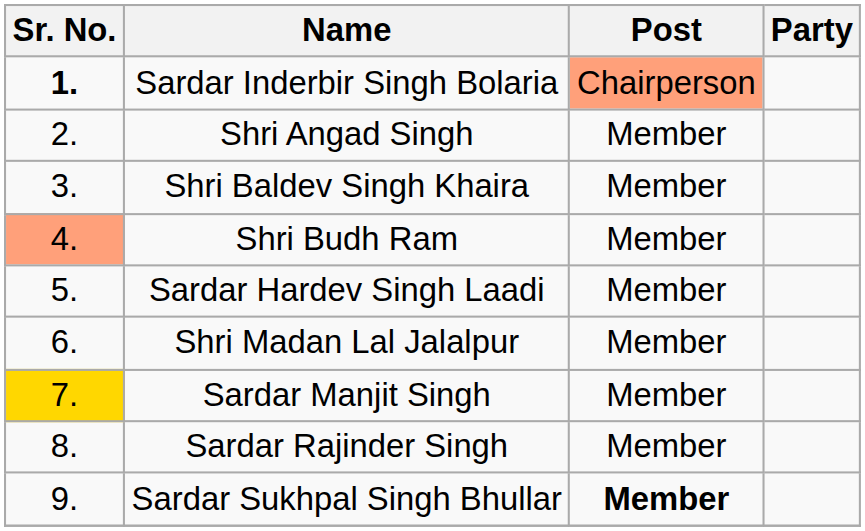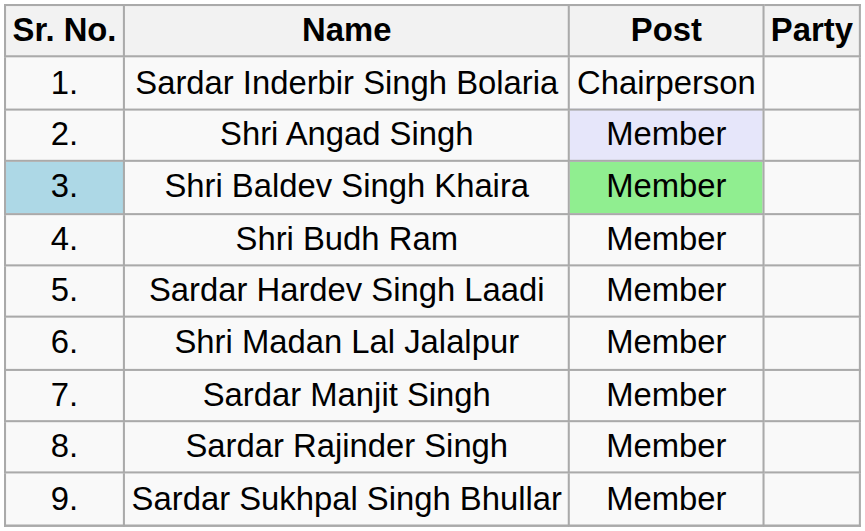 <table class="wikitable sortable">
 <tr>
 <th>Sr. No.</th>
 <th>Name</th>
 <th>Post</th>
 <th colspan="2">Party</th>
 </tr>
 <tr align="center">
-<td><strong>1.</strong></td>
+<td>1.</td>
 <td>Sardar Inderbir Singh Bolaria</td>
-<td style="background: lightsalmon;">Chairperson</td>
+<td>Chairperson</td>
 <td></td>
 </tr>
 <tr align="center">
 <td>2.</td>
 <td>Shri  Angad Singh</td>
-<td>Member</td>
+<td style="background: lavender;">Member</td>
 <td></td>
 </tr>
 <tr align="center">
-<td>3.</td>
+<td style="background: lightblue;">3.</td>
 <td>Shri Baldev Singh Khaira</td>
-<td>Member</td>
+<td style="background: lightgreen;">Member</td>
 <td></td>
 </tr>
 <tr align="center">
-<td style="background: lightsalmon;">4.</td>
+<td>4.</td>
 <td>Shri Budh Ram</td>
 <td>Member</td>
 <td></td>
 </tr>
 <tr align="center">
 <td>5.</td>
 <td>Sardar  Hardev Singh Laadi</td>
 <td>Member</td>
 <td></td>
 </tr>
 <tr align="center">
 <td>6.</td>
 <td>Shri Madan Lal Jalalpur</td>
 <td>Member</td>
 <td></td>
 </tr>
 <tr align="center">
-<td style="background: gold;">7.</td>
+<td>7.</td>
 <td>Sardar Manjit Singh</td>
 <td>Member</td>
 <td></td>
 </tr>
 <tr align="center">
 <td>8.</td>
 <td>Sardar Rajinder Singh</td>
 <td>Member</td>
 <td></td>
 </tr>
 <tr align="center">
 <td>9.</td>
 <td>Sardar Sukhpal Singh Bhullar</td>
-<td><strong>Member</strong></td>
+<td>Member</td>
 <td></td>
 </tr>
 <tr align="center">
 </tr>
 </table>
